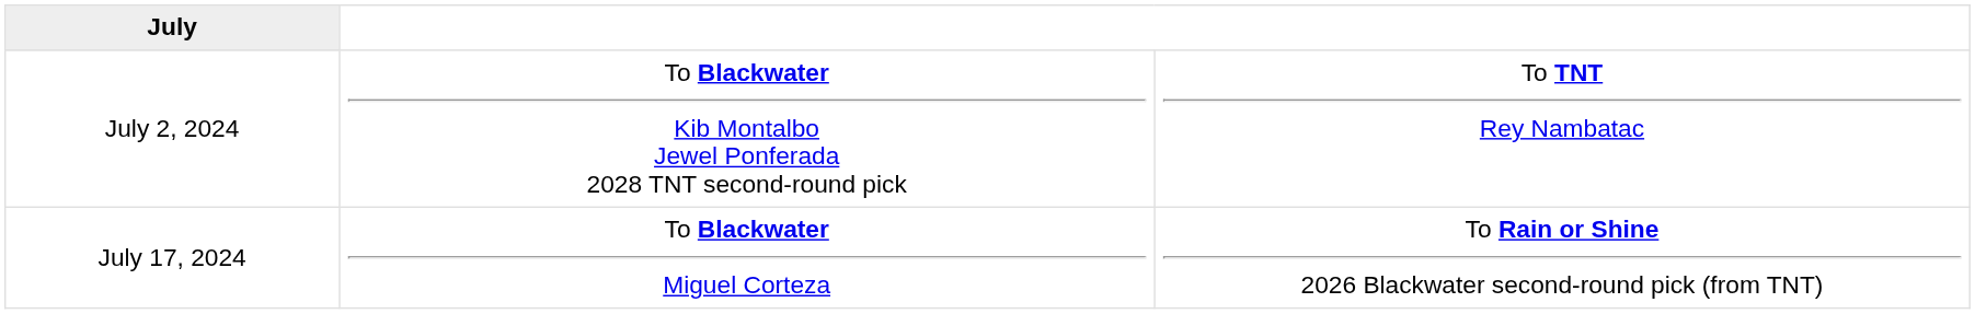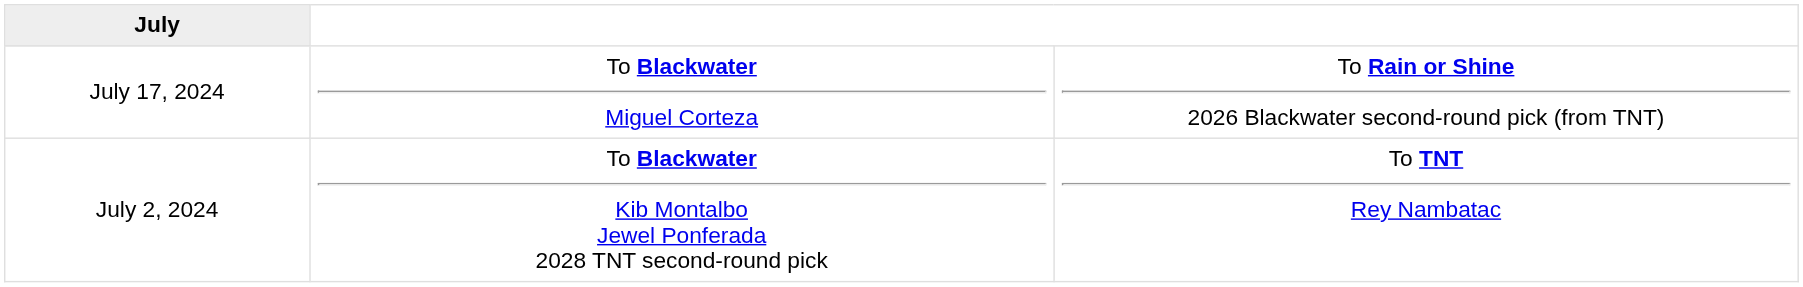 <table border=1 style="border-collapse:collapse; text-align: center; width: 100%" bordercolor="#DFDFDF"  cellpadding="5">
 <tr bgcolor="eeeeee">
 <th>July</th>
+</tr>
+<tr>
+<td style="width:12%">July 17, 2024</td>
+<td style="width:29.3%" valign="top">To <strong><a href='#'>Blackwater</a></strong><hr><a href='#'>Miguel Corteza</a></td>
+<td style="width:29.3%" valign="top">To <strong><a href='#'>Rain or Shine</a></strong><hr>2026 Blackwater second-round pick (from TNT)</td>
 </tr>
 <tr>
 <td style="width:12%">July 2, 2024</td>
 <td style="width:29.3%" valign="top">To <strong><a href='#'>Blackwater</a></strong><hr><a href='#'>Kib Montalbo</a><br><a href='#'>Jewel Ponferada</a><br>2028 TNT second-round pick</td>
 <td style="width:29.3%" valign="top">To <strong><a href='#'>TNT</a></strong><hr><a href='#'>Rey Nambatac</a></td>
 </tr>
-<tr>
-<td style="width:12%">July 17, 2024</td>
-<td style="width:29.3%" valign="top">To <strong><a href='#'>Blackwater</a></strong><hr><a href='#'>Miguel Corteza</a></td>
-<td style="width:29.3%" valign="top">To <strong><a href='#'>Rain or Shine</a></strong><hr>2026 Blackwater second-round pick (from TNT)</td>
-</tr>
 </table>
